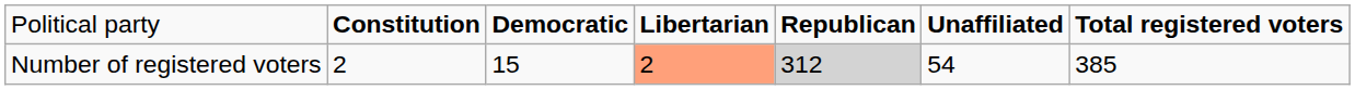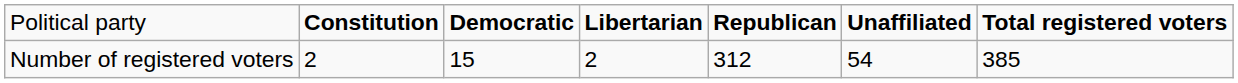 <table class="wikitable">
 <tr>
 <td>Political party</td>
 <td><strong>Constitution</strong></td>
 <td><strong>Democratic</strong></td>
 <td><strong>Libertarian</strong></td>
 <td><strong>Republican</strong></td>
 <td><strong>Unaffiliated</strong></td>
 <td><strong>Total registered voters</strong></td>
 </tr>
 <tr>
 <td>Number of registered voters</td>
 <td>2</td>
 <td>15</td>
-<td style="background: lightsalmon;">2</td>
-<td style="background: lightgrey;">312</td>
+<td>2</td>
+<td>312</td>
 <td>54</td>
 <td>385</td>
 </tr>
 </table>
